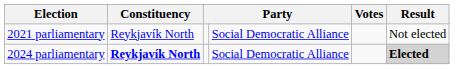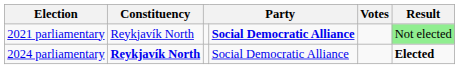 <table class="wikitable" style="text-align:left;">
 <tr>
 <th scope=col>Election</th>
 <th scope=col>Constituency</th>
 <th scope=col colspan="2">Party</th>
 <th scope=col>Votes</th>
 <th scope=col>Result</th>
 </tr>
 <tr>
 <td><a href='#'>2021 parliamentary</a></td>
 <td><a href='#'>Reykjavík North</a></td>
 <td style="background:"></td>
-<td><a href='#'>Social Democratic Alliance</a></td>
+<td><strong><a href='#'>Social Democratic Alliance</a></strong></td>
 <td align=right></td>
-<td>Not elected</td>
+<td style="background: lightgreen;">Not elected</td>
 </tr>
 <tr>
 <td><a href='#'>2024 parliamentary</a></td>
 <td><strong><a href='#'>Reykjavík North</a></strong></td>
 <td style="background:"></td>
 <td><a href='#'>Social Democratic Alliance</a></td>
 <td align=right></td>
-<td style="background: lightgrey;"><strong>Elected</strong></td>
+<td><strong>Elected</strong></td>
 </tr>
 </table>
